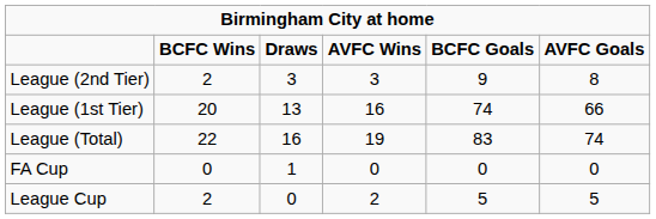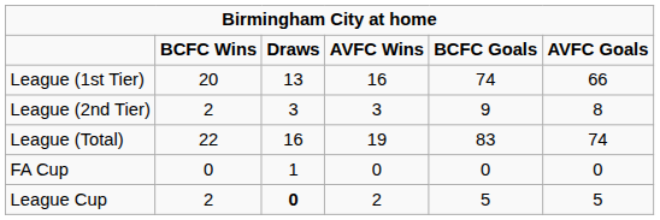 <table border="2" cellpadding="4" cellspacing="0" style="text-align=center: 1em 1em 1em 0; background: #f9f9f9; border: 1px #aaa solid; border-collapse: collapse;">
 <tr>
 <th colspan=6 align=center>Birmingham City at home</th>
 </tr>
 <tr>
 <th></th>
 <th>BCFC Wins</th>
 <th>Draws</th>
 <th>AVFC Wins</th>
 <th>BCFC Goals</th>
 <th>AVFC Goals</th>
 </tr>
 <tr>
+<td>League (1st Tier)</td>
+<td align=center>20</td>
+<td align=center>13</td>
+<td align=center>16</td>
+<td align=center>74</td>
+<td align=center>66</td>
+</tr>
+<tr>
 <td>League (2nd Tier)</td>
 <td align=center>2</td>
 <td align=center>3</td>
 <td align=center>3</td>
 <td align=center>9</td>
 <td align=center>8</td>
-</tr>
-<tr>
-<td>League (1st Tier)</td>
-<td align=center>20</td>
-<td align=center>13</td>
-<td align=center>16</td>
-<td align=center>74</td>
-<td align=center>66</td>
 </tr>
 <tr>
 <td>League (Total)</td>
 <td align=center>22</td>
 <td align=center>16</td>
 <td align=center>19</td>
 <td align=center>83</td>
 <td align=center>74</td>
 </tr>
 <tr>
 <td>FA Cup</td>
 <td align=center>0</td>
 <td align=center>1</td>
 <td align=center>0</td>
 <td align=center>0</td>
 <td align=center>0</td>
 </tr>
 <tr>
 <td>League Cup</td>
 <td align=center>2</td>
-<td align=center>0</td>
+<td align=center><strong>0</strong></td>
 <td align=center>2</td>
 <td align=center>5</td>
 <td align=center>5</td>
 </tr>
 </table>
